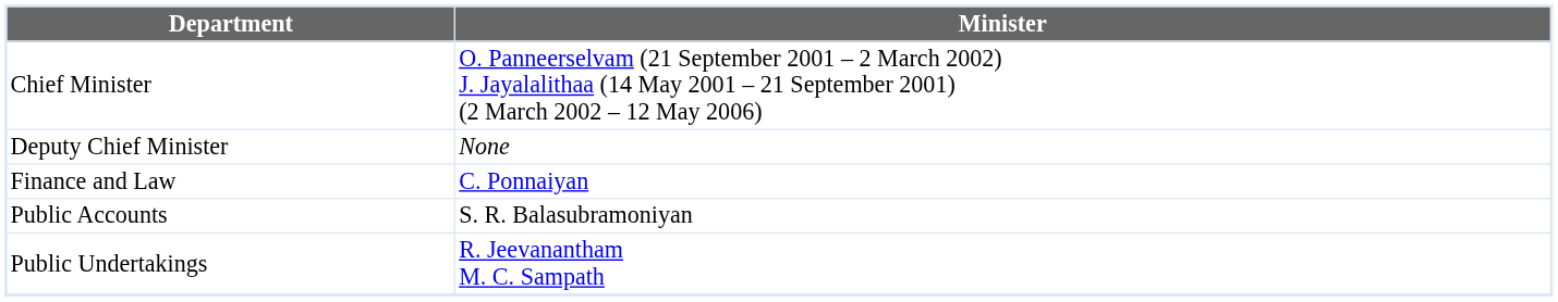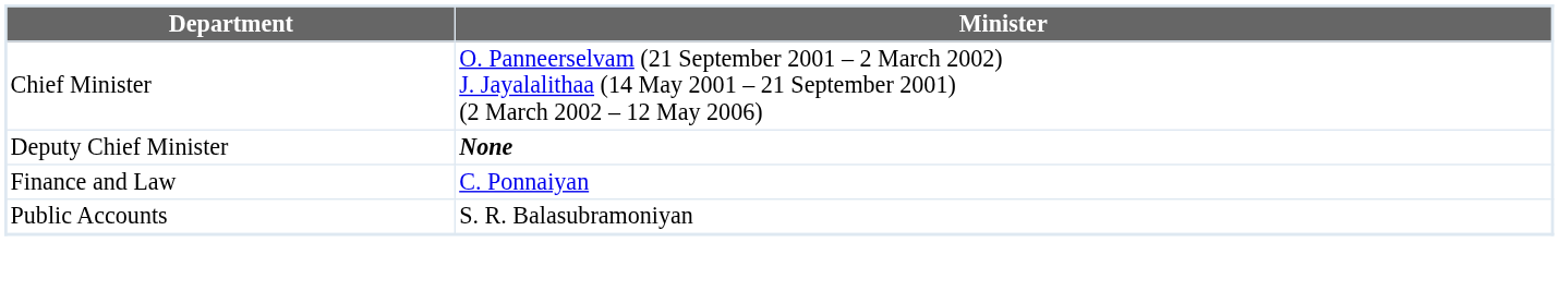 <table width="65%" cellpadding="2" cellspacing="0" border="1" style="border-collapse: collapse; border: 2px #DEE8F1 solid; font-size: x-big; font-family: verdana">
 <tr>
 <th style="background-color:#666666; color:white">Department</th>
 <th style="background-color:#666666; color:white">Minister</th>
 </tr>
 <tr --->
 <td>Chief Minister</td>
 <td><a href='#'>O. Panneerselvam</a> (21 September 2001 – 2 March 2002) <br><a href='#'>J. Jayalalithaa</a> (14 May 2001 – 21 September 2001)<br>(2 March 2002 – 12 May 2006)</td>
 </tr>
 <tr --->
 <td>Deputy Chief Minister</td>
-<td><em>None</em></td>
+<td><strong><em>None</em></strong></td>
 </tr>
 <tr --->
 <td>Finance and Law</td>
 <td><a href='#'>C. Ponnaiyan</a></td>
 </tr>
 <tr --->
 <td>Public Accounts</td>
 <td>S. R. Balasubramoniyan</td>
 </tr>
 <tr --->
-<td>Public Undertakings</td>
-<td><a href='#'>R. Jeevanantham</a><br><a href='#'>M. C. Sampath</a></td>
-</tr>
-<tr --->
 </tr>
 </table>
